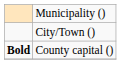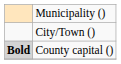 <table class="wikitable" style="font-size:100%;">
 <tr>
 <td style="background-color:#FFE6BD">   </td>
 <td>Municipality ()</td>
 </tr>
 <tr>
 <td>   </td>
 <td>City/Town ()</td>
 </tr>
 <tr>
-<td><strong>Bold</strong></td>
+<td style="background: lightgrey;"><strong>Bold</strong></td>
 <td>County capital ()</td>
 </tr>
 <tr>
 </tr>
 </table>
